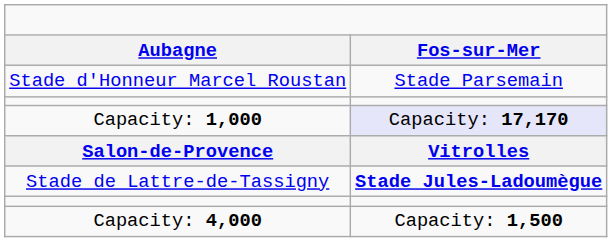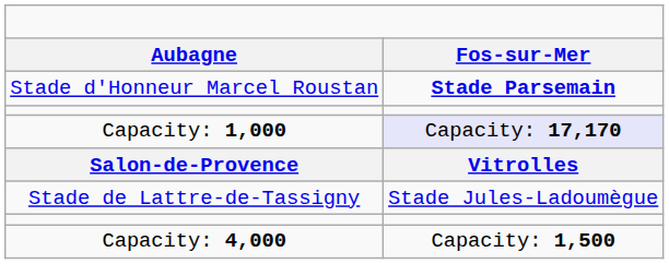 <table class="wikitable" style="text-align:center">
 <tr>
 <td colspan="2"><br></td>
 </tr>
 <tr>
 <th><a href='#'>Aubagne</a></th>
 <th><a href='#'>Fos-sur-Mer</a></th>
 </tr>
 <tr>
 <td><a href='#'>Stade d'Honneur Marcel Roustan</a></td>
-<td><a href='#'>Stade Parsemain</a></td>
+<td><strong><a href='#'>Stade Parsemain</a></strong></td>
 </tr>
 <tr>
 <td></td>
 <td></td>
 </tr>
 <tr>
 <td>Capacity: <strong>1,000</strong></td>
 <td style="background: lavender;">Capacity: <strong>17,170</strong></td>
 </tr>
 <tr>
 <th><a href='#'>Salon-de-Provence</a></th>
 <th><a href='#'>Vitrolles</a></th>
 </tr>
 <tr>
 <td><a href='#'>Stade de Lattre-de-Tassigny</a></td>
-<td><strong><a href='#'>Stade Jules-Ladoumègue</a></strong></td>
+<td><a href='#'>Stade Jules-Ladoumègue</a></td>
 </tr>
 <tr>
 <td></td>
 <td></td>
 </tr>
 <tr>
 <td>Capacity: <strong>4,000</strong></td>
 <td>Capacity: <strong>1,500</strong></td>
 </tr>
 </table>
